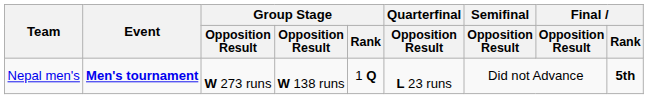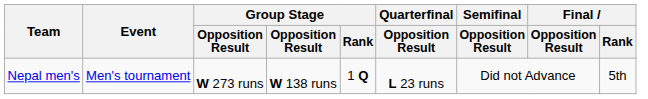 <table class=wikitable style=font-size:90%;text-align:center>
 <tr>
 <th rowspan=2>Team</th>
 <th rowspan=2>Event</th>
 <th colspan="3">Group Stage</th>
 <th>Quarterfinal</th>
 <th>Semifinal</th>
 <th colspan=2>Final / </th>
 </tr>
 <tr style=font-size:95%>
 <th>Opposition<br>Result</th>
 <th>Opposition<br>Result</th>
 <th>Rank</th>
 <th>Opposition<br>Result</th>
 <th>Opposition<br>Result</th>
 <th>Opposition<br>Result</th>
 <th>Rank</th>
 </tr>
 <tr>
 <td align=left><a href='#'>Nepal men's</a></td>
-<td align=left><strong><a href='#'>Men's tournament</a></strong></td>
+<td align=left><a href='#'>Men's tournament</a></td>
 <td><br><strong>W</strong> 273 runs</td>
 <td><br><strong>W</strong> 138 runs</td>
 <td>1 <strong>Q</strong></td>
 <td><br><strong>L</strong> 23 runs</td>
 <td colspan="2">Did not Advance</td>
-<td><strong>5th</strong></td>
+<td>5th</td>
 </tr>
 </table>
